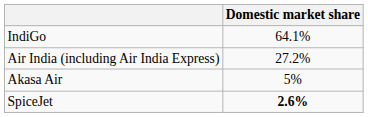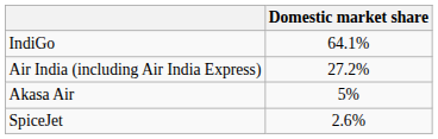 <table class="wikitable" style="text-align:center;">
 <tr>
 <th></th>
 <th>Domestic market share</th>
 </tr>
 <tr>
 <td style="text-align:left;">IndiGo</td>
 <td>64.1%</td>
 </tr>
 <tr>
 <td style="text-align:left;">Air India (including Air India Express)</td>
 <td>27.2%</td>
 </tr>
 <tr>
 <td style="text-align:left;">Akasa Air</td>
 <td>5%</td>
 </tr>
 <tr>
 <td style="text-align:left;">SpiceJet</td>
-<td><strong>2.6%</strong></td>
+<td>2.6%</td>
 </tr>
 </table>
